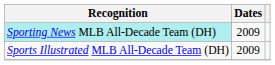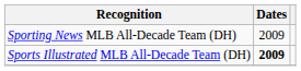 <table class="wikitable" margin: 5px; text-align: center;>
 <tr>
 <th>Recognition</th>
 <th>Dates</th>
 <th></th>
 </tr>
 <tr>
-<td style="background: paleturquoise;"><em><a href='#'>Sporting News</a></em> MLB All-Decade Team (DH)</td>
+<td><em><a href='#'>Sporting News</a></em> MLB All-Decade Team (DH)</td>
 <td align="center">2009</td>
 <td></td>
 </tr>
 <tr>
 <td><em><a href='#'>Sports Illustrated</a></em> <a href='#'>MLB All-Decade Team</a> (DH)</td>
-<td align="center">2009</td>
+<td align="center"><strong>2009</strong></td>
 <td></td>
 </tr>
 <tr>
 </tr>
 </table>
